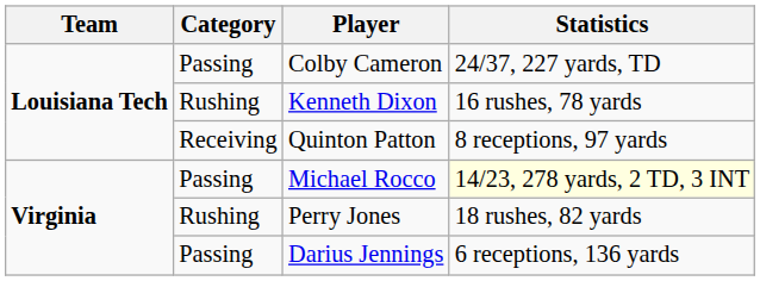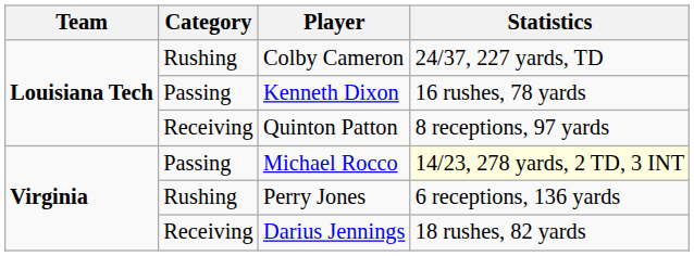 <table class="wikitable" style="float: left;">
 <tr>
 <th>Team</th>
 <th>Category</th>
 <th>Player</th>
 <th>Statistics</th>
 </tr>
 <tr>
 <td rowspan=3><strong>Louisiana Tech</strong></td>
-<td>Passing</td>
+<td>Rushing</td>
 <td>Colby Cameron</td>
 <td>24/37, 227 yards, TD</td>
 </tr>
 <tr>
-<td>Rushing</td>
+<td>Passing</td>
 <td><a href='#'>Kenneth Dixon</a></td>
 <td>16 rushes, 78 yards</td>
 </tr>
 <tr>
 <td>Receiving</td>
 <td>Quinton Patton</td>
 <td>8 receptions, 97 yards</td>
 </tr>
 <tr>
 <td rowspan=3><strong>Virginia</strong></td>
 <td>Passing</td>
 <td><a href='#'>Michael Rocco</a></td>
 <td style="background: lightyellow;">14/23, 278 yards, 2 TD, 3 INT</td>
 </tr>
 <tr>
 <td>Rushing</td>
 <td>Perry Jones</td>
+<td>6 receptions, 136 yards</td>
+</tr>
+<tr>
+<td>Receiving</td>
+<td><a href='#'>Darius Jennings</a></td>
 <td>18 rushes, 82 yards</td>
 </tr>
-<tr>
-<td>Passing</td>
-<td><a href='#'>Darius Jennings</a></td>
-<td>6 receptions, 136 yards</td>
-</tr>
 </table>
